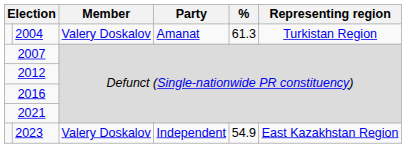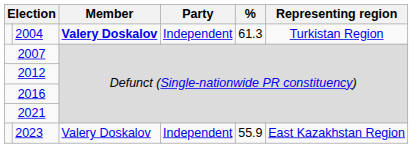 <table class="wikitable">
 <tr>
 <th colspan="2">Election</th>
 <th>Member</th>
 <th>Party</th>
 <th>%</th>
 <th>Representing region</th>
 </tr>
 <tr>
 <td style="background-color: "></td>
 <td><a href='#'>2004</a></td>
-<td><a href='#'>Valery Doskalov</a></td>
-<td><a href='#'>Amanat</a></td>
+<td><strong><a href='#'>Valery Doskalov</a></strong></td>
+<td><a href='#'>Independent</a></td>
 <td align="right">61.3</td>
 <td align="center"><a href='#'>Turkistan Region</a></td>
 </tr>
 <tr>
 <td colspan="2" align="center"><a href='#'>2007</a></td>
 <td colspan="4" rowspan="4" align="center" style="background-color:#DCDCDC"><em>Defunct (<a href='#'>Single-nationwide PR constituency</a>)</em></td>
 </tr>
 <tr>
 <td colspan="2" align="center"><a href='#'>2012</a></td>
 </tr>
 <tr>
 <td colspan="2" align="center"><a href='#'>2016</a></td>
 </tr>
 <tr>
 <td colspan="2" align="center"><a href='#'>2021</a></td>
 </tr>
 <tr>
 <td style="background-color: "></td>
 <td><a href='#'>2023</a></td>
 <td><a href='#'>Valery Doskalov</a></td>
 <td><a href='#'>Independent</a></td>
-<td align="right">54.9</td>
+<td align="right">55.9</td>
 <td align="center"><a href='#'>East Kazakhstan Region</a></td>
 </tr>
 </table>
